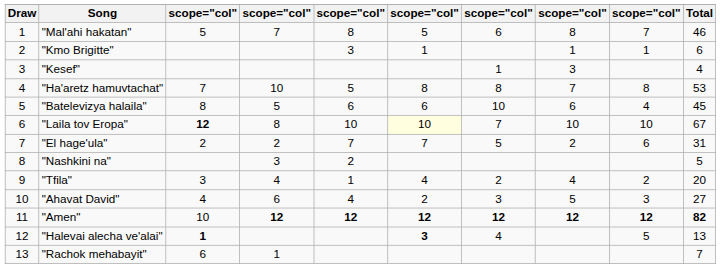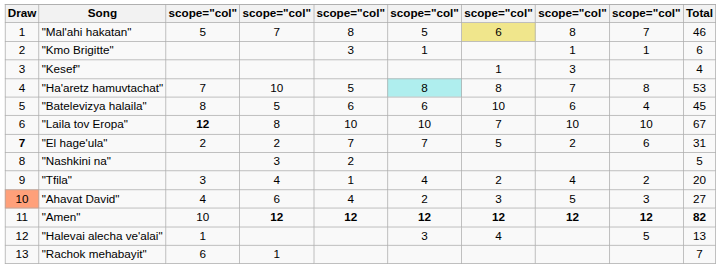 <table class="wikitable plainrowheaders" style="margin: 1em auto 1em auto; text-align:center;">
 <tr>
 </tr>
 <tr>
 <th scope="col">Draw</th>
 <th scope="col">Song</th>
 <th>scope="col" </th>
 <th>scope="col" </th>
 <th>scope="col" </th>
 <th>scope="col" </th>
 <th>scope="col" </th>
 <th>scope="col" </th>
 <th>scope="col" </th>
 <th scope="col">Total</th>
 </tr>
 <tr>
 <td>1</td>
 <td align="left">"Mal'ahi hakatan"</td>
 <td>5</td>
 <td>7</td>
 <td>8</td>
 <td>5</td>
-<td>6</td>
+<td style="background: khaki;">6</td>
 <td>8</td>
 <td>7</td>
 <td>46</td>
 </tr>
 <tr>
 <td>2</td>
 <td align="left">"Kmo Brigitte"</td>
 <td></td>
 <td></td>
 <td>3</td>
 <td>1</td>
 <td></td>
 <td>1</td>
 <td>1</td>
 <td>6</td>
 </tr>
 <tr>
 <td>3</td>
 <td align="left">"Kesef"</td>
 <td></td>
 <td></td>
 <td></td>
 <td></td>
 <td>1</td>
 <td>3</td>
 <td></td>
 <td>4</td>
 </tr>
 <tr>
 <td>4</td>
 <td align="left">"Ha'aretz hamuvtachat"</td>
 <td>7</td>
 <td>10</td>
 <td>5</td>
-<td>8</td>
+<td style="background: paleturquoise;">8</td>
 <td>8</td>
 <td>7</td>
 <td>8</td>
 <td>53</td>
 </tr>
 <tr>
 <td>5</td>
 <td align="left">"Batelevizya halaila"</td>
 <td>8</td>
 <td>5</td>
 <td>6</td>
 <td>6</td>
 <td>10</td>
 <td>6</td>
 <td>4</td>
 <td>45</td>
 </tr>
 <tr>
 <td>6</td>
 <td align="left">"Laila tov Eropa"</td>
 <td><strong>12</strong></td>
 <td>8</td>
 <td>10</td>
-<td style="background: lightyellow;">10</td>
+<td>10</td>
 <td>7</td>
 <td>10</td>
 <td>10</td>
 <td>67</td>
 </tr>
 <tr>
-<td>7</td>
+<td><strong>7</strong></td>
 <td align="left">"El hage'ula"</td>
 <td>2</td>
 <td>2</td>
 <td>7</td>
 <td>7</td>
 <td>5</td>
 <td>2</td>
 <td>6</td>
 <td>31</td>
 </tr>
 <tr>
 <td>8</td>
 <td align="left">"Nashkini na"</td>
 <td></td>
 <td>3</td>
 <td>2</td>
 <td></td>
 <td></td>
 <td></td>
 <td></td>
 <td>5</td>
 </tr>
 <tr>
 <td>9</td>
 <td align="left">"Tfila"</td>
 <td>3</td>
 <td>4</td>
 <td>1</td>
 <td>4</td>
 <td>2</td>
 <td>4</td>
 <td>2</td>
 <td>20</td>
 </tr>
 <tr>
-<td>10</td>
+<td style="background: lightsalmon;">10</td>
 <td align="left">"Ahavat David"</td>
 <td>4</td>
 <td>6</td>
 <td>4</td>
 <td>2</td>
 <td>3</td>
 <td>5</td>
 <td>3</td>
 <td>27</td>
 </tr>
 <tr>
 <td>11</td>
 <td align="left">"Amen"</td>
 <td>10</td>
 <td><strong>12</strong></td>
 <td><strong>12</strong></td>
 <td><strong>12</strong></td>
 <td><strong>12</strong></td>
 <td><strong>12</strong></td>
 <td><strong>12</strong></td>
 <td><strong>82</strong></td>
 </tr>
 <tr>
 <td>12</td>
 <td align="left">"Halevai alecha ve'alai"</td>
-<td><strong>1</strong></td>
+<td>1</td>
 <td></td>
 <td></td>
-<td><strong>3</strong></td>
+<td>3</td>
 <td>4</td>
 <td></td>
 <td>5</td>
 <td>13</td>
 </tr>
 <tr>
 <td>13</td>
 <td align="left">"Rachok mehabayit"</td>
 <td>6</td>
 <td>1</td>
 <td></td>
 <td></td>
 <td></td>
 <td></td>
 <td></td>
 <td>7</td>
 </tr>
 </table>
